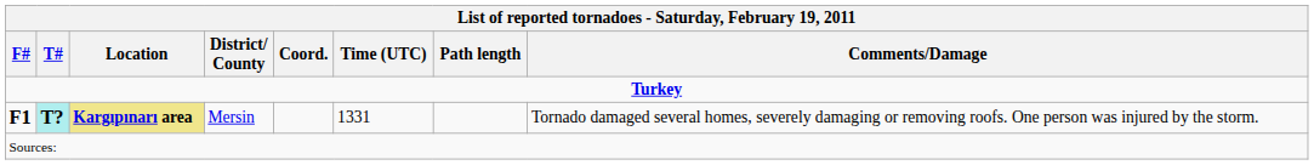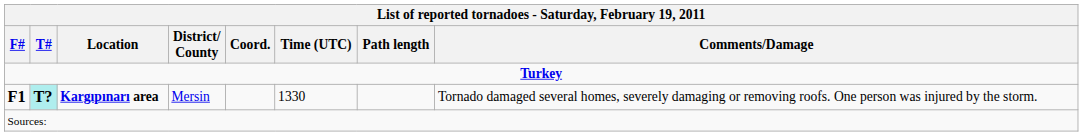 <table class="wikitable collapsible" width="100%">
 <tr>
 <th colspan="8">List of reported tornadoes - Saturday, February 19, 2011</th>
 </tr>
 <tr>
 <th><a href='#'>F#</a></th>
 <th><a href='#'>T#</a></th>
 <th>Location</th>
 <th>District/<br>County</th>
 <th>Coord.</th>
 <th>Time (UTC)</th>
 <th>Path length</th>
 <th>Comments/Damage</th>
 </tr>
 <tr>
 <td colspan="8" align=center><strong><a href='#'>Turkey</a></strong></td>
 </tr>
 <tr>
 <td><big><strong>F1</strong></big></td>
 <td style="background: paleturquoise;"><big><strong>T?</strong></big></td>
-<td style="background: khaki;"><strong><a href='#'>Kargıpınarı</a> area</strong></td>
+<td><strong><a href='#'>Kargıpınarı</a> area</strong></td>
 <td><a href='#'>Mersin</a></td>
 <td></td>
-<td>1331</td>
+<td>1330</td>
 <td></td>
 <td>Tornado damaged several homes, severely damaging or removing roofs. One person was injured by the storm.</td>
 </tr>
 <tr>
 <td colspan="8"><small>Sources:  </small></td>
 </tr>
 </table>
